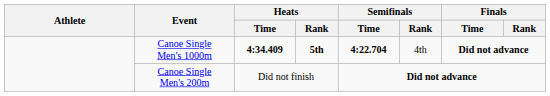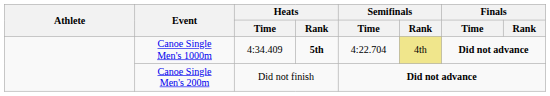 <table class=wikitable style="text-align:center">
 <tr>
 <th rowspan=2 width=200>Athlete</th>
 <th rowspan=2 width=150>Event</th>
 <th colspan=2 width=150>Heats</th>
 <th colspan=2 width=150>Semifinals</th>
 <th colspan=2 width=150>Finals</th>
 </tr>
 <tr>
 <th width=90>Time</th>
 <th width=60>Rank</th>
 <th width=90>Time</th>
 <th width=60>Rank</th>
 <th width=90>Time</th>
 <th width=60>Rank</th>
 </tr>
 <tr>
 <td rowspan=2 align=left></td>
 <td align=center><a href='#'>Canoe Single <br> Men's 1000m</a></td>
-<td align=center><strong>4:34.409</strong></td>
+<td align=center>4:34.409</td>
 <td align=center><strong>5th</strong></td>
-<td align=center><strong>4:22.704</strong></td>
-<td align=center>4th</td>
+<td align=center>4:22.704</td>
+<td align=center style="background: khaki;">4th</td>
 <td align=center colspan=2><strong>Did not advance</strong></td>
 </tr>
 <tr>
 <td align=center><a href='#'>Canoe Single <br> Men's 200m</a></td>
 <td align=center colspan=2>Did not finish</td>
 <td align=center colspan=4><strong>Did not advance</strong></td>
 </tr>
 </table>
